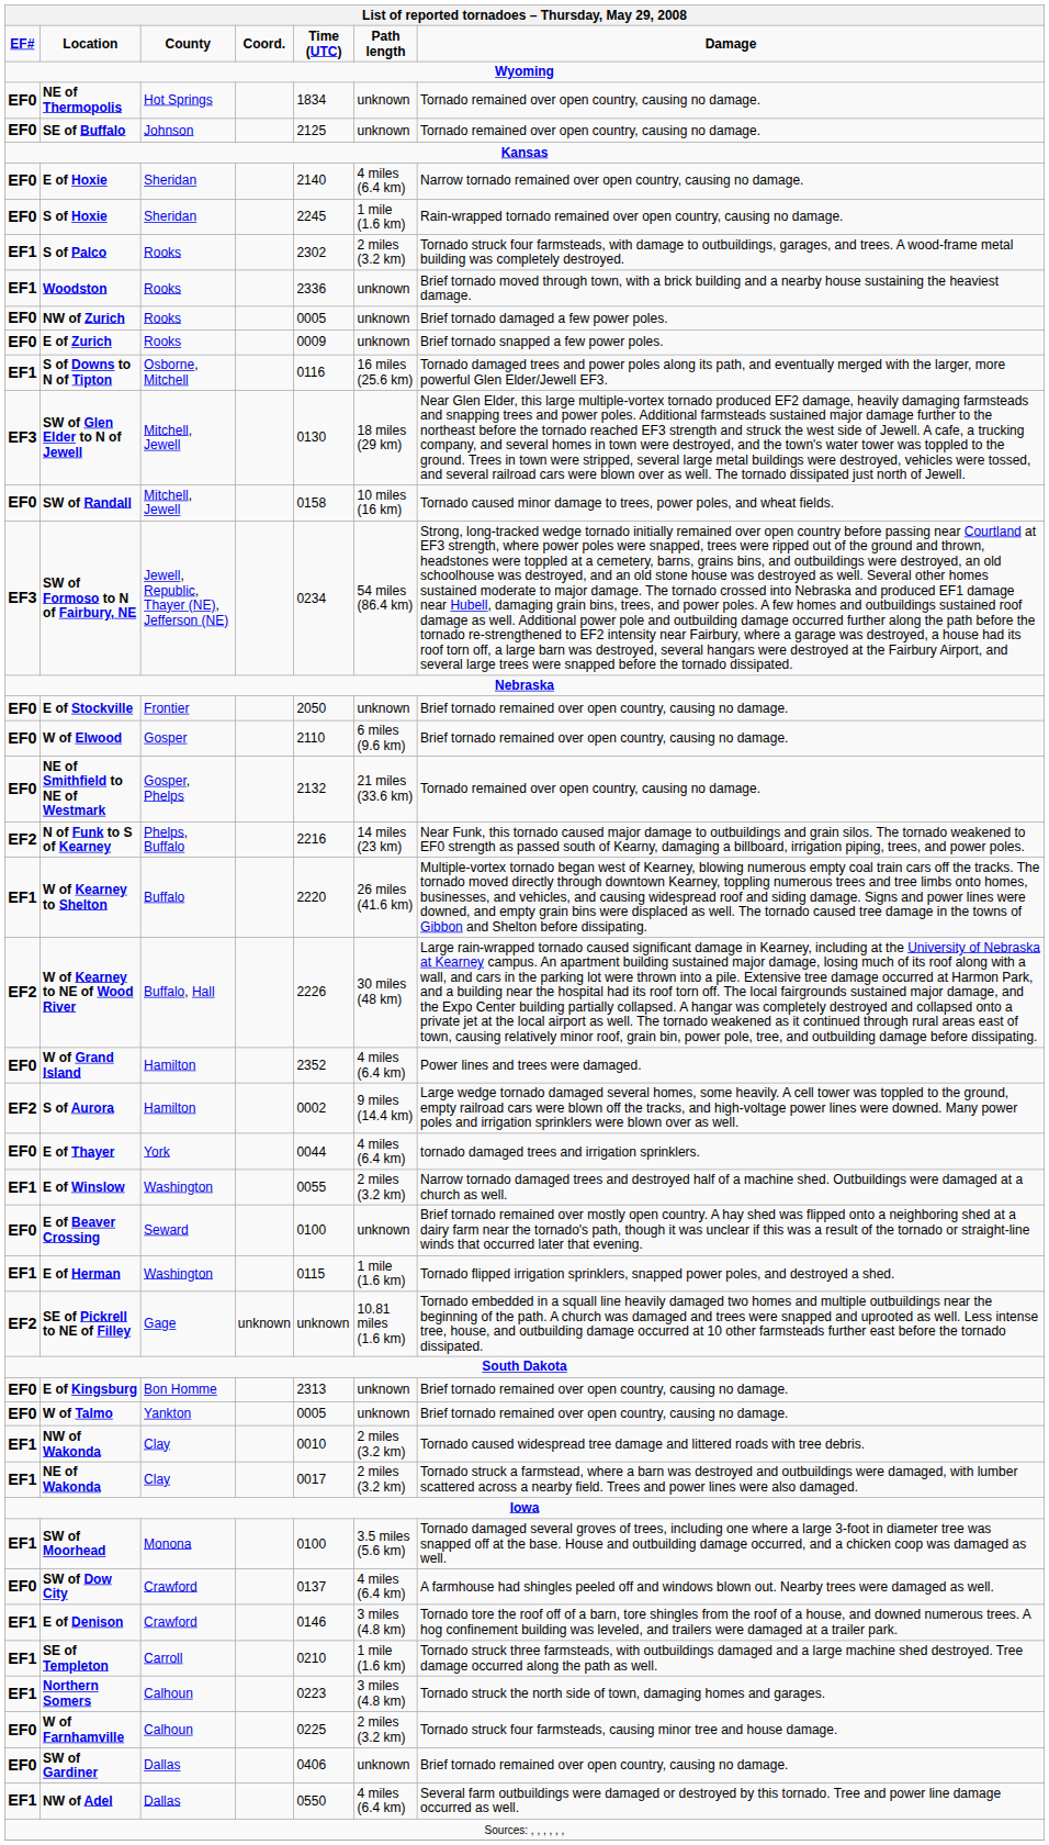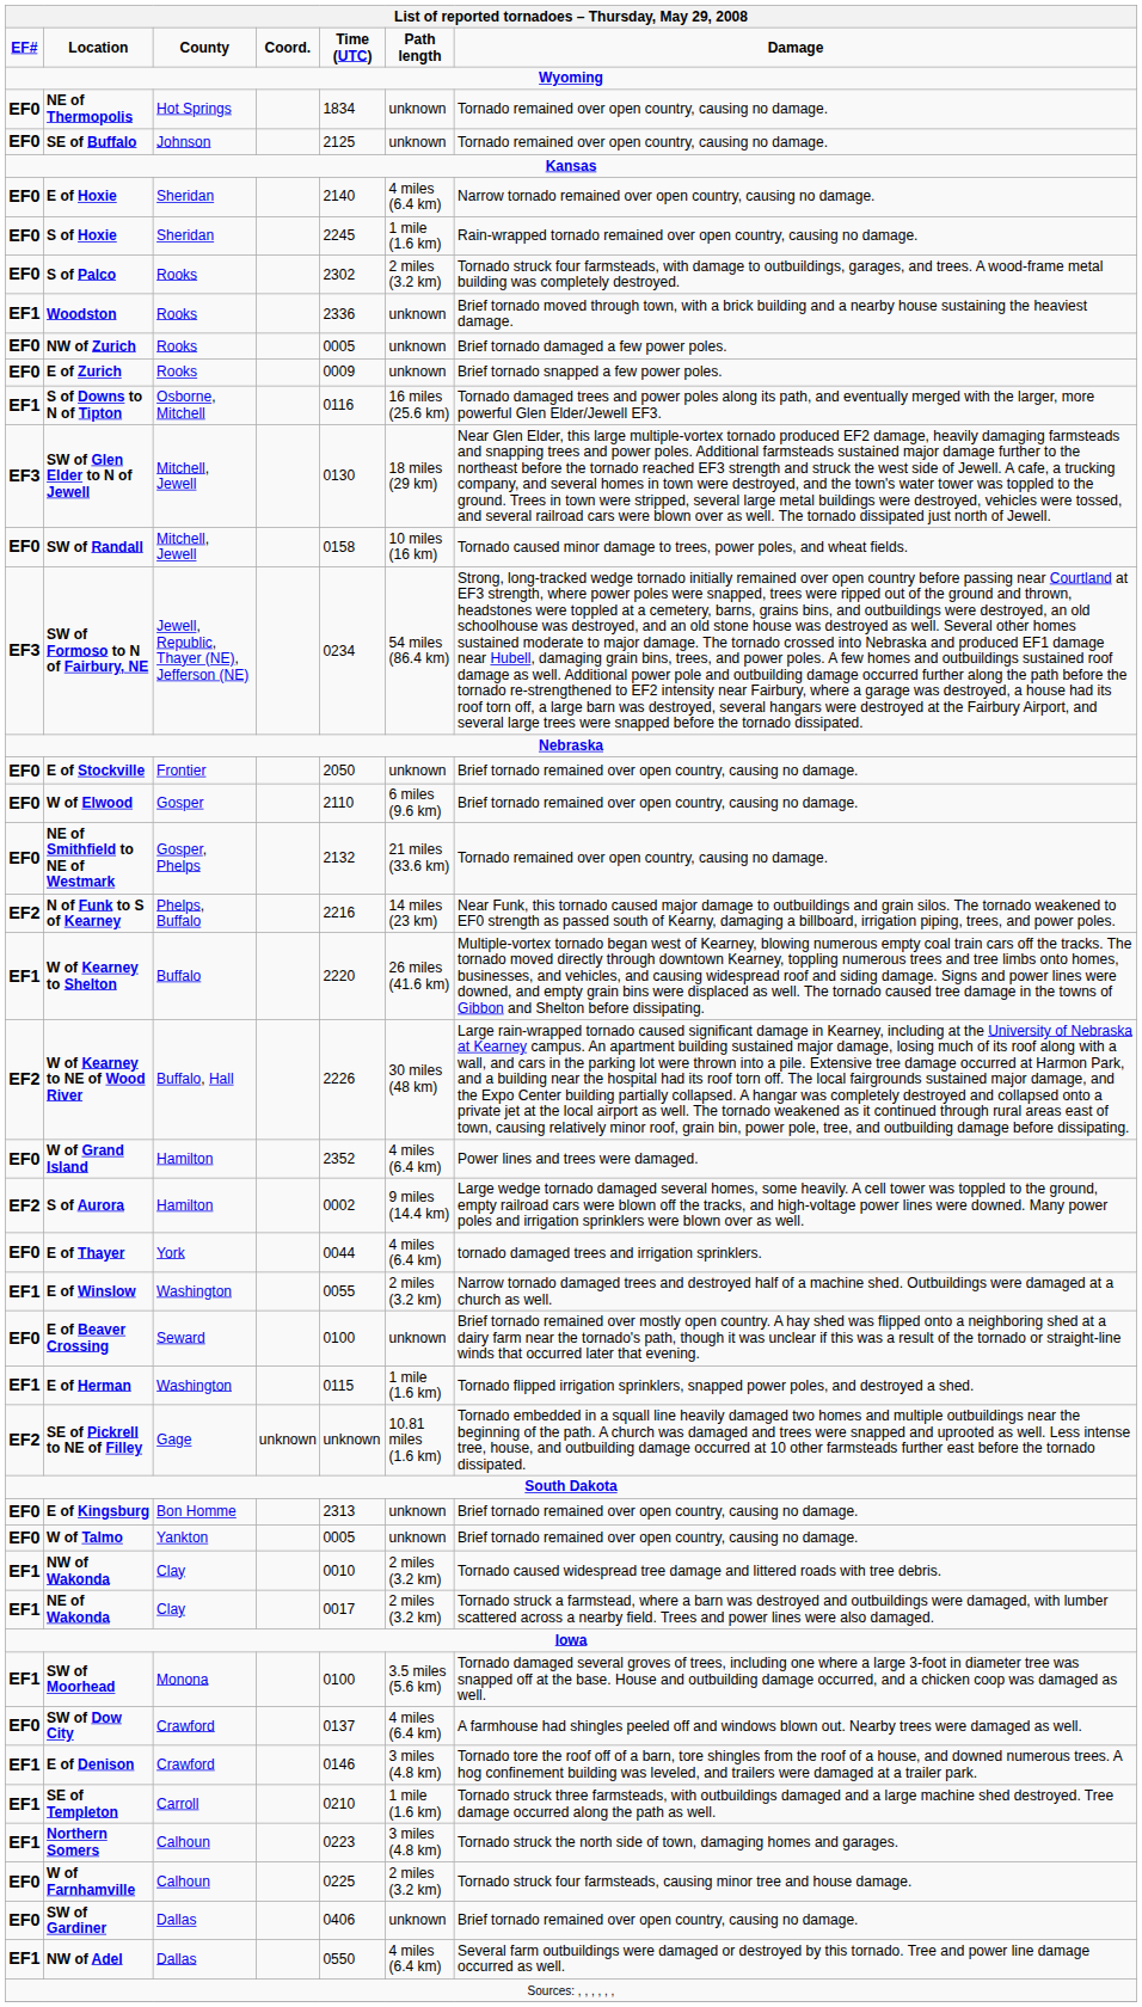 <table class="wikitable collapsible" width="100%">
 <tr>
 <th colspan="7">List of reported tornadoes – Thursday, May 29, 2008</th>
 </tr>
 <tr style="text-align:center;">
 <td><strong><a href='#'>EF#</a></strong></td>
 <td><strong>Location</strong></td>
 <td><strong>County</strong></td>
 <td><strong>Coord.</strong></td>
 <td><strong>Time (<a href='#'>UTC</a>)</strong></td>
 <td><strong>Path length</strong></td>
 <td><strong>Damage</strong></td>
 </tr>
 <tr>
 <td colspan="7" align=center><strong><a href='#'>Wyoming</a></strong></td>
 </tr>
 <tr>
 <td><big><strong>EF0</strong></big></td>
 <td><strong>NE of <a href='#'>Thermopolis</a></strong></td>
 <td><a href='#'>Hot Springs</a></td>
 <td></td>
 <td>1834</td>
 <td>unknown</td>
 <td>Tornado remained over open country, causing no damage.</td>
 </tr>
 <tr>
 <td><big><strong>EF0</strong></big></td>
 <td><strong>SE of <a href='#'>Buffalo</a></strong></td>
 <td><a href='#'>Johnson</a></td>
 <td></td>
 <td>2125</td>
 <td>unknown</td>
 <td>Tornado remained over open country, causing no damage.</td>
 </tr>
 <tr>
 <td colspan="7" align=center><strong><a href='#'>Kansas</a></strong></td>
 </tr>
 <tr>
 <td><big><strong>EF0</strong></big></td>
 <td><strong>E of <a href='#'>Hoxie</a></strong></td>
 <td><a href='#'>Sheridan</a></td>
 <td></td>
 <td>2140</td>
 <td>4 miles <br> (6.4 km)</td>
 <td>Narrow tornado remained over open country, causing no damage.</td>
 </tr>
 <tr>
 <td><big><strong>EF0</strong></big></td>
 <td><strong>S of <a href='#'>Hoxie</a></strong></td>
 <td><a href='#'>Sheridan</a></td>
 <td></td>
 <td>2245</td>
 <td>1 mile <br> (1.6 km)</td>
 <td>Rain-wrapped tornado remained over open country, causing no damage.</td>
 </tr>
 <tr>
-<td><big><strong>EF1</strong></big></td>
+<td><big><strong>EF0</strong></big></td>
 <td><strong>S of <a href='#'>Palco</a></strong></td>
 <td><a href='#'>Rooks</a></td>
 <td></td>
 <td>2302</td>
 <td>2 miles <br> (3.2 km)</td>
 <td>Tornado struck four farmsteads, with damage to outbuildings, garages, and trees. A wood-frame metal building was completely destroyed.</td>
 </tr>
 <tr>
 <td><big><strong>EF1</strong></big></td>
 <td><strong><a href='#'>Woodston</a></strong></td>
 <td><a href='#'>Rooks</a></td>
 <td></td>
 <td>2336</td>
 <td>unknown</td>
 <td>Brief tornado moved through town, with a brick building and a nearby house sustaining the heaviest damage.</td>
 </tr>
 <tr>
 <td><big><strong>EF0</strong></big></td>
 <td><strong>NW of <a href='#'>Zurich</a></strong></td>
 <td><a href='#'>Rooks</a></td>
 <td></td>
 <td>0005</td>
 <td>unknown</td>
 <td>Brief tornado damaged a few power poles.</td>
 </tr>
 <tr>
 <td><big><strong>EF0</strong></big></td>
 <td><strong>E of <a href='#'>Zurich</a></strong></td>
 <td><a href='#'>Rooks</a></td>
 <td></td>
 <td>0009</td>
 <td>unknown</td>
 <td>Brief tornado snapped a few power poles.</td>
 </tr>
 <tr>
 <td><big><strong>EF1</strong></big></td>
 <td><strong>S of <a href='#'>Downs</a> to N of <a href='#'>Tipton</a></strong></td>
 <td><a href='#'>Osborne</a>, <a href='#'>Mitchell</a></td>
 <td></td>
 <td>0116</td>
 <td>16 miles <br> (25.6 km)</td>
 <td>Tornado damaged trees and power poles along its path, and eventually merged with the larger, more powerful Glen Elder/Jewell EF3.</td>
 </tr>
 <tr>
 <td><big><strong>EF3</strong></big></td>
 <td><strong>SW of <a href='#'>Glen Elder</a> to N of <a href='#'>Jewell</a></strong></td>
 <td><a href='#'>Mitchell</a>, <a href='#'>Jewell</a></td>
 <td></td>
 <td>0130</td>
 <td>18 miles<br>(29 km)</td>
 <td>Near Glen Elder, this large multiple-vortex tornado produced EF2 damage, heavily damaging farmsteads and snapping trees and power poles. Additional farmsteads sustained major damage further to the northeast before the tornado reached EF3 strength and struck the west side of Jewell. A cafe, a trucking company, and several homes in town were destroyed, and the town's water tower was toppled to the ground. Trees in town were stripped, several large metal buildings were destroyed, vehicles were tossed, and several railroad cars were blown over as well. The tornado dissipated just north of Jewell.</td>
 </tr>
 <tr>
 <td><big><strong>EF0</strong></big></td>
 <td><strong>SW of <a href='#'>Randall</a></strong></td>
 <td><a href='#'>Mitchell</a>, <a href='#'>Jewell</a></td>
 <td></td>
 <td>0158</td>
 <td>10 miles<br>(16 km)</td>
 <td>Tornado caused minor damage to trees, power poles, and wheat fields.</td>
 </tr>
 <tr>
 <td><big><strong>EF3</strong></big></td>
 <td><strong>SW of <a href='#'>Formoso</a> to N of <a href='#'>Fairbury, NE</a></strong></td>
 <td><a href='#'>Jewell</a>, <a href='#'>Republic</a>, <a href='#'>Thayer (NE)</a>, <a href='#'>Jefferson (NE)</a></td>
 <td></td>
 <td>0234</td>
 <td>54 miles <br> (86.4 km)</td>
 <td>Strong, long-tracked wedge tornado initially remained over open country before passing near <a href='#'>Courtland</a> at EF3 strength, where power poles were snapped, trees were ripped out of the ground and thrown, headstones were toppled at a cemetery, barns, grains bins, and outbuildings were destroyed, an old schoolhouse was destroyed, and an old stone house was destroyed as well. Several other homes sustained moderate to major damage. The tornado crossed into Nebraska and produced EF1 damage near <a href='#'>Hubell</a>, damaging grain bins, trees, and power poles. A few homes and outbuildings sustained roof damage as well. Additional power pole and outbuilding damage occurred further along the path before the tornado re-strengthened to EF2 intensity near Fairbury, where a garage was destroyed, a house had its roof torn off, a large barn was destroyed, several hangars were destroyed at the Fairbury Airport, and several large trees were snapped before the tornado dissipated.</td>
 </tr>
 <tr>
 <td colspan="7" align=center><strong><a href='#'>Nebraska</a></strong></td>
 </tr>
 <tr>
 <td><big><strong>EF0</strong></big></td>
 <td><strong>E of <a href='#'>Stockville</a></strong></td>
 <td><a href='#'>Frontier</a></td>
 <td></td>
 <td>2050</td>
 <td>unknown</td>
 <td>Brief tornado remained over open country, causing no damage.</td>
 </tr>
 <tr>
 <td><big><strong>EF0</strong></big></td>
 <td><strong>W of <a href='#'>Elwood</a></strong></td>
 <td><a href='#'>Gosper</a></td>
 <td></td>
 <td>2110</td>
 <td>6 miles <br> (9.6 km)</td>
 <td>Brief tornado remained over open country, causing no damage.</td>
 </tr>
 <tr>
 <td><big><strong>EF0</strong></big></td>
 <td><strong>NE of <a href='#'>Smithfield</a> to NE of <a href='#'>Westmark</a></strong></td>
 <td><a href='#'>Gosper</a>, <a href='#'>Phelps</a></td>
 <td></td>
 <td>2132</td>
 <td>21 miles <br> (33.6 km)</td>
 <td>Tornado remained over open country, causing no damage.</td>
 </tr>
 <tr>
 <td><big><strong>EF2</strong></big></td>
 <td><strong>N of <a href='#'>Funk</a> to S of <a href='#'>Kearney</a></strong></td>
 <td><a href='#'>Phelps</a>, <a href='#'>Buffalo</a></td>
 <td></td>
 <td>2216</td>
 <td>14 miles<br>(23 km)</td>
 <td>Near Funk, this tornado caused major damage to outbuildings and grain silos. The tornado weakened to EF0 strength as passed south of Kearny, damaging a billboard, irrigation piping, trees, and power poles.</td>
 </tr>
 <tr>
 <td><big><strong>EF1</strong></big></td>
 <td><strong>W of <a href='#'>Kearney</a> to <a href='#'>Shelton</a></strong></td>
 <td><a href='#'>Buffalo</a></td>
 <td></td>
 <td>2220</td>
 <td>26 miles<br>(41.6 km)</td>
 <td>Multiple-vortex tornado began west of Kearney, blowing numerous empty coal train cars off the tracks. The tornado moved directly through downtown Kearney, toppling numerous trees and tree limbs onto homes, businesses, and vehicles, and causing widespread roof and siding damage. Signs and power lines were downed, and empty grain bins were displaced as well. The tornado caused tree damage in the towns of <a href='#'>Gibbon</a> and Shelton before dissipating.</td>
 </tr>
 <tr>
 <td><big><strong>EF2</strong></big></td>
 <td><strong>W of <a href='#'>Kearney</a> to NE of <a href='#'>Wood River</a></strong></td>
 <td><a href='#'>Buffalo</a>, <a href='#'>Hall</a></td>
 <td></td>
 <td>2226</td>
 <td>30 miles<br>(48 km)</td>
 <td>Large rain-wrapped tornado caused significant damage in Kearney, including at the <a href='#'>University of Nebraska at Kearney</a> campus. An apartment building sustained major damage, losing much of its roof along with a wall, and cars in the parking lot were thrown into a pile. Extensive tree damage occurred at Harmon Park, and a building near the hospital had its roof torn off. The local fairgrounds sustained major damage, and the Expo Center building partially collapsed. A hangar was completely destroyed and collapsed onto a private jet at the local airport as well. The tornado weakened as it continued through rural areas east of town, causing relatively minor roof, grain bin, power pole, tree, and outbuilding damage before dissipating.</td>
 </tr>
 <tr>
 <td><big><strong>EF0</strong></big></td>
 <td><strong>W of <a href='#'>Grand Island</a></strong></td>
 <td><a href='#'>Hamilton</a></td>
 <td></td>
 <td>2352</td>
 <td>4 miles <br> (6.4 km)</td>
 <td>Power lines and trees were damaged.</td>
 </tr>
 <tr>
 <td><big><strong>EF2</strong></big></td>
 <td><strong>S of <a href='#'>Aurora</a></strong></td>
 <td><a href='#'>Hamilton</a></td>
 <td></td>
 <td>0002</td>
 <td>9 miles <br> (14.4 km)</td>
 <td>Large wedge tornado damaged several homes, some heavily. A cell tower was toppled to the ground, empty railroad cars were blown off the tracks, and high-voltage power lines were downed. Many power poles and irrigation sprinklers were blown over as well.</td>
 </tr>
 <tr>
 <td><big><strong>EF0</strong></big></td>
 <td><strong>E of <a href='#'>Thayer</a></strong></td>
 <td><a href='#'>York</a></td>
 <td></td>
 <td>0044</td>
 <td>4 miles <br> (6.4 km)</td>
 <td>tornado damaged trees and irrigation sprinklers.</td>
 </tr>
 <tr>
 <td><big><strong>EF1</strong></big></td>
 <td><strong>E of <a href='#'>Winslow</a></strong></td>
 <td><a href='#'>Washington</a></td>
 <td></td>
 <td>0055</td>
 <td>2 miles<br>(3.2 km)</td>
 <td>Narrow tornado damaged trees and destroyed half of a machine shed. Outbuildings were damaged at a church as well.</td>
 </tr>
 <tr>
 <td><big><strong>EF0</strong></big></td>
 <td><strong>E of <a href='#'>Beaver Crossing</a></strong></td>
 <td><a href='#'>Seward</a></td>
 <td></td>
 <td>0100</td>
 <td>unknown</td>
 <td>Brief tornado remained over mostly open country. A hay shed was flipped onto a neighboring shed at a dairy farm near the tornado's path, though it was unclear if this was a result of the tornado or straight-line winds that occurred later that evening.</td>
 </tr>
 <tr>
 <td><big><strong>EF1</strong></big></td>
 <td><strong>E of <a href='#'>Herman</a></strong></td>
 <td><a href='#'>Washington</a></td>
 <td></td>
 <td>0115</td>
 <td>1 mile <br> (1.6 km)</td>
 <td>Tornado flipped irrigation sprinklers, snapped power poles, and destroyed a shed.</td>
 </tr>
 <tr>
 <td><big><strong>EF2</strong></big></td>
 <td><strong>SE of <a href='#'>Pickrell</a> to NE of <a href='#'>Filley</a></strong></td>
 <td><a href='#'>Gage</a></td>
 <td>unknown</td>
 <td>unknown</td>
 <td>10.81 miles <br> (1.6 km)</td>
 <td>Tornado embedded in a squall line heavily damaged two homes and multiple outbuildings near the beginning of the path. A church was damaged and trees were snapped and uprooted as well. Less intense tree, house, and outbuilding damage occurred at 10 other farmsteads further east before the tornado dissipated.</td>
 </tr>
 <tr>
 <td colspan="7" align=center><strong><a href='#'>South Dakota</a></strong></td>
 </tr>
 <tr>
 <td><big><strong>EF0</strong></big></td>
 <td><strong>E of <a href='#'>Kingsburg</a></strong></td>
 <td><a href='#'>Bon Homme</a></td>
 <td></td>
 <td>2313</td>
 <td>unknown</td>
 <td>Brief tornado remained over open country, causing no damage.</td>
 </tr>
 <tr>
 <td><big><strong>EF0</strong></big></td>
 <td><strong>W of <a href='#'>Talmo</a></strong></td>
 <td><a href='#'>Yankton</a></td>
 <td></td>
 <td>0005</td>
 <td>unknown</td>
 <td>Brief tornado remained over open country, causing no damage.</td>
 </tr>
 <tr>
 <td><big><strong>EF1</strong></big></td>
 <td><strong>NW of <a href='#'>Wakonda</a></strong></td>
 <td><a href='#'>Clay</a></td>
 <td></td>
 <td>0010</td>
 <td>2 miles <br> (3.2 km)</td>
 <td>Tornado caused widespread tree damage and littered roads with tree debris.</td>
 </tr>
 <tr>
 <td><big><strong>EF1</strong></big></td>
 <td><strong>NE of <a href='#'>Wakonda</a></strong></td>
 <td><a href='#'>Clay</a></td>
 <td></td>
 <td>0017</td>
 <td>2 miles <br> (3.2 km)</td>
 <td>Tornado struck a farmstead, where a barn was destroyed and outbuildings were damaged, with lumber scattered across a nearby field. Trees and power lines were also damaged.</td>
 </tr>
 <tr>
 <td colspan="7" align=center><strong><a href='#'>Iowa</a></strong></td>
 </tr>
 <tr>
 <td><big><strong>EF1</strong></big></td>
 <td><strong>SW of <a href='#'>Moorhead</a></strong></td>
 <td><a href='#'>Monona</a></td>
 <td></td>
 <td>0100</td>
 <td>3.5 miles<br>(5.6 km)</td>
 <td>Tornado damaged several groves of trees, including one where a large 3-foot in diameter tree was snapped off at the base. House and outbuilding damage occurred, and a chicken coop was damaged as well.</td>
 </tr>
 <tr>
 <td><big><strong>EF0</strong></big></td>
 <td><strong>SW of <a href='#'>Dow City</a></strong></td>
 <td><a href='#'>Crawford</a></td>
 <td></td>
 <td>0137</td>
 <td>4 miles <br> (6.4 km)</td>
 <td>A farmhouse had shingles peeled off and windows blown out. Nearby trees were damaged as well.</td>
 </tr>
 <tr>
 <td><big><strong>EF1</strong></big></td>
 <td><strong>E of <a href='#'>Denison</a></strong></td>
 <td><a href='#'>Crawford</a></td>
 <td></td>
 <td>0146</td>
 <td>3 miles <br> (4.8 km)</td>
 <td>Tornado tore the roof off of a barn, tore shingles from the roof of a house, and downed numerous trees. A hog confinement building was leveled, and trailers were damaged at a trailer park.</td>
 </tr>
 <tr>
 <td><big><strong>EF1</strong></big></td>
 <td><strong>SE of <a href='#'>Templeton</a></strong></td>
 <td><a href='#'>Carroll</a></td>
 <td></td>
 <td>0210</td>
 <td>1 mile <br> (1.6 km)</td>
 <td>Tornado struck three farmsteads, with outbuildings damaged and a large machine shed destroyed. Tree damage occurred along the path as well.</td>
 </tr>
 <tr>
 <td><big><strong>EF1</strong></big></td>
 <td><strong><a href='#'>Northern Somers</a></strong></td>
 <td><a href='#'>Calhoun</a></td>
 <td></td>
 <td>0223</td>
 <td>3 miles <br> (4.8 km)</td>
 <td>Tornado struck the north side of town, damaging homes and garages.</td>
 </tr>
 <tr>
 <td><big><strong>EF0</strong></big></td>
 <td><strong>W of <a href='#'>Farnhamville</a></strong></td>
 <td><a href='#'>Calhoun</a></td>
 <td></td>
 <td>0225</td>
 <td>2 miles <br> (3.2 km)</td>
 <td>Tornado struck four farmsteads, causing minor tree and house damage.</td>
 </tr>
 <tr>
 <td><big><strong>EF0</strong></big></td>
 <td><strong>SW of <a href='#'>Gardiner</a></strong></td>
 <td><a href='#'>Dallas</a></td>
 <td></td>
 <td>0406</td>
 <td>unknown</td>
 <td>Brief tornado remained over open country, causing no damage.</td>
 </tr>
 <tr>
 <td><big><strong>EF1</strong></big></td>
 <td><strong>NW of <a href='#'>Adel</a></strong></td>
 <td><a href='#'>Dallas</a></td>
 <td></td>
 <td>0550</td>
 <td>4 miles<br>(6.4 km)</td>
 <td>Several farm outbuildings were damaged or destroyed by this tornado. Tree and power line damage occurred as well.</td>
 </tr>
 <tr>
 <td colspan="7" align=center><small>Sources: , , , , , , </small></td>
 </tr>
 <tr>
 </tr>
 </table>
